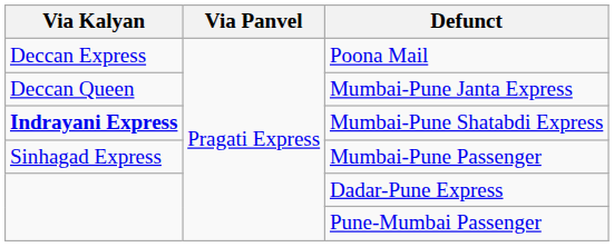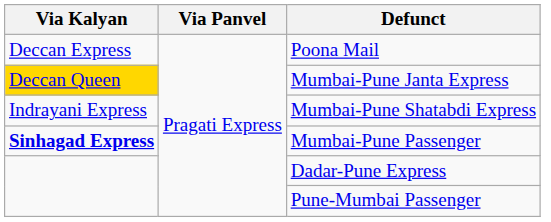 <table class="wikitable">
 <tr>
 <th>Via Kalyan</th>
 <th>Via Panvel</th>
 <th>Defunct</th>
 </tr>
 <tr>
 <td><a href='#'>Deccan Express</a></td>
 <td rowspan=8><a href='#'>Pragati Express</a></td>
 <td><a href='#'>Poona Mail</a></td>
 </tr>
 <tr>
-<td><a href='#'>Deccan Queen</a></td>
+<td style="background: gold;"><a href='#'>Deccan Queen</a></td>
 <td><a href='#'>Mumbai-Pune Janta Express</a></td>
 </tr>
 <tr>
-<td><strong><a href='#'>Indrayani Express</a></strong></td>
+<td><a href='#'>Indrayani Express</a></td>
 <td><a href='#'>Mumbai-Pune Shatabdi Express</a></td>
 </tr>
 <tr>
-<td><a href='#'>Sinhagad Express</a></td>
+<td><strong><a href='#'>Sinhagad Express</a></strong></td>
 <td><a href='#'>Mumbai-Pune Passenger</a></td>
 </tr>
 <tr>
 <td rowspan=2></td>
 <td><a href='#'>Dadar-Pune Express</a></td>
 </tr>
 <tr>
 <td><a href='#'>Pune-Mumbai Passenger</a></td>
 </tr>
 </table>
